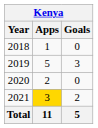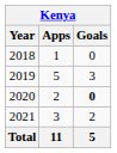 <table class="wikitable" style="text-align:center">
 <tr>
 <th colspan=3><a href='#'>Kenya</a></th>
 </tr>
 <tr>
 <th>Year</th>
 <th>Apps</th>
 <th>Goals</th>
 </tr>
 <tr>
 <td>2018</td>
 <td>1</td>
 <td>0</td>
 </tr>
 <tr>
 <td>2019</td>
 <td>5</td>
 <td>3</td>
 </tr>
 <tr>
 <td>2020</td>
 <td>2</td>
-<td>0</td>
+<td><strong>0</strong></td>
 </tr>
 <tr>
 <td>2021</td>
-<td style="background: gold;">3</td>
+<td>3</td>
 <td>2</td>
 </tr>
 <tr>
 <th>Total</th>
 <th>11</th>
 <th>5</th>
 </tr>
 </table>
